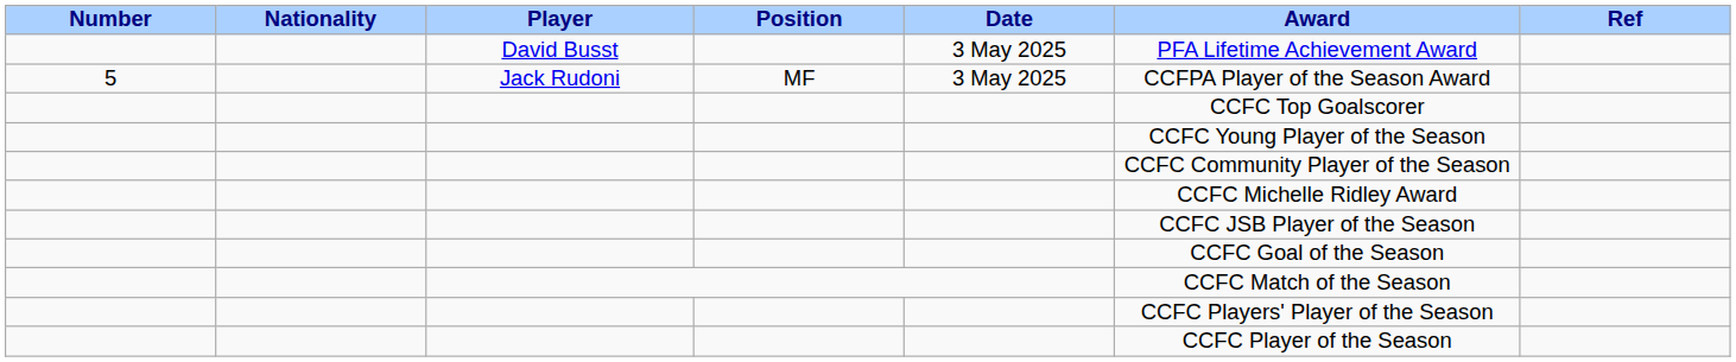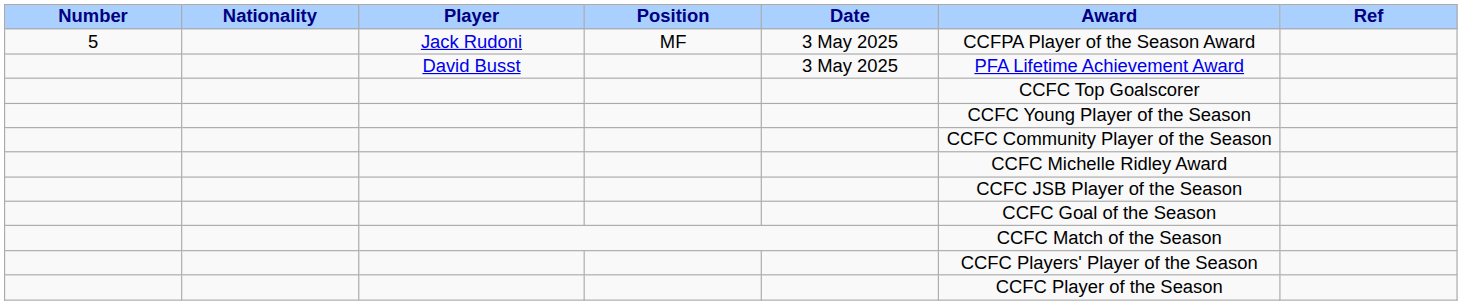 <table class="wikitable sortable alternance" style="font-size:100%; text-align:center; line-height:14px; width:100%;">
 <tr>
 <th style="background:#AAD0FF; color:#000080; width:100px;">Number</th>
 <th style="background:#AAD0FF; color:#000080; width:100px;">Nationality</th>
 <th style="background:#AAD0FF; color:#000080; width:130px;">Player</th>
 <th style="background:#AAD0FF; color:#000080; width:100px;">Position</th>
 <th style="background:#AAD0FF; color:#000080; width:100px;">Date</th>
 <th style="background:#AAD0FF; color:#000080; width:200px;">Award</th>
 <th style="background:#AAD0FF; color:#000080; width:100px;">Ref</th>
 </tr>
 <tr>
+<td>5</td>
+<td></td>
+<td><a href='#'>Jack Rudoni</a></td>
+<td>MF</td>
+<td>3 May 2025</td>
+<td>CCFPA Player of the Season Award</td>
+<td></td>
+</tr>
+<tr>
 <td></td>
 <td></td>
 <td><a href='#'>David Busst</a></td>
 <td></td>
 <td>3 May 2025</td>
 <td><a href='#'>PFA Lifetime Achievement Award</a></td>
-<td></td>
-</tr>
-<tr>
-<td>5</td>
-<td></td>
-<td><a href='#'>Jack Rudoni</a></td>
-<td>MF</td>
-<td>3 May 2025</td>
-<td>CCFPA Player of the Season Award</td>
 <td></td>
 </tr>
 <tr>
 <td></td>
 <td></td>
 <td></td>
 <td></td>
 <td></td>
 <td>CCFC Top Goalscorer</td>
 <td></td>
 </tr>
 <tr>
 <td></td>
 <td></td>
 <td></td>
 <td></td>
 <td></td>
 <td>CCFC Young Player of the Season</td>
 <td></td>
 </tr>
 <tr>
 <td></td>
 <td></td>
 <td></td>
 <td></td>
 <td></td>
 <td>CCFC Community Player of the Season</td>
 <td></td>
 </tr>
 <tr>
 <td></td>
 <td></td>
 <td></td>
 <td></td>
 <td></td>
 <td>CCFC Michelle Ridley Award</td>
 <td></td>
 </tr>
 <tr>
 <td></td>
 <td></td>
 <td></td>
 <td></td>
 <td></td>
 <td>CCFC JSB Player of the Season</td>
 <td></td>
 </tr>
 <tr>
 <td></td>
 <td></td>
 <td></td>
 <td></td>
 <td></td>
 <td>CCFC Goal of the Season</td>
 <td></td>
 </tr>
 <tr>
 <td></td>
 <td></td>
 <td colspan="3"></td>
 <td>CCFC Match of the Season</td>
 <td></td>
 </tr>
 <tr>
 <td></td>
 <td></td>
 <td></td>
 <td></td>
 <td></td>
 <td>CCFC Players' Player of the Season</td>
 <td></td>
 </tr>
 <tr>
 <td></td>
 <td></td>
 <td></td>
 <td></td>
 <td></td>
 <td>CCFC Player of the Season</td>
 <td></td>
 </tr>
 </table>
